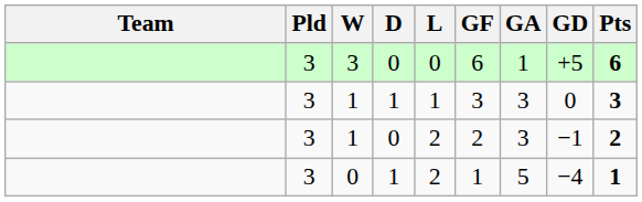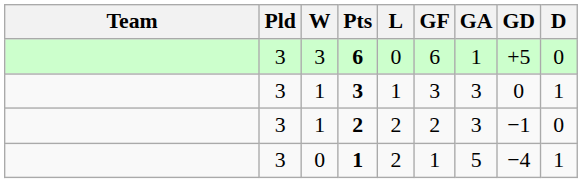 <table class="wikitable" style="text-align:center;">
 <tr>
 <th width=180>Team</th>
 <th width=20>Pld</th>
 <th width=20>W</th>
-<th width=20>D</th>
+<th width=20>Pts</th>
 <th width=20>L</th>
 <th width=20>GF</th>
 <th width=20>GA</th>
 <th width=20>GD</th>
-<th width=20>Pts</th>
+<th width=20>D</th>
 </tr>
 <tr bgcolor="ccffcc">
 <td align="left"></td>
 <td>3</td>
 <td>3</td>
-<td>0</td>
+<td><strong>6</strong></td>
 <td>0</td>
 <td>6</td>
 <td>1</td>
 <td>+5</td>
-<td><strong>6</strong></td>
+<td>0</td>
 </tr>
 <tr>
 <td align="left"></td>
 <td>3</td>
 <td>1</td>
-<td>1</td>
+<td><strong>3</strong></td>
 <td>1</td>
 <td>3</td>
 <td>3</td>
 <td>0</td>
-<td><strong>3</strong></td>
+<td>1</td>
 </tr>
 <tr>
 <td align="left"></td>
 <td>3</td>
 <td>1</td>
-<td>0</td>
+<td><strong>2</strong></td>
 <td>2</td>
 <td>2</td>
 <td>3</td>
 <td>−1</td>
-<td><strong>2</strong></td>
+<td>0</td>
 </tr>
 <tr>
 <td align="left"></td>
 <td>3</td>
 <td>0</td>
-<td>1</td>
+<td><strong>1</strong></td>
 <td>2</td>
 <td>1</td>
 <td>5</td>
 <td>−4</td>
-<td><strong>1</strong></td>
+<td>1</td>
 </tr>
 </table>
